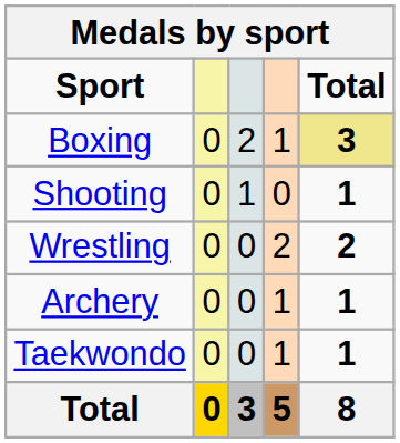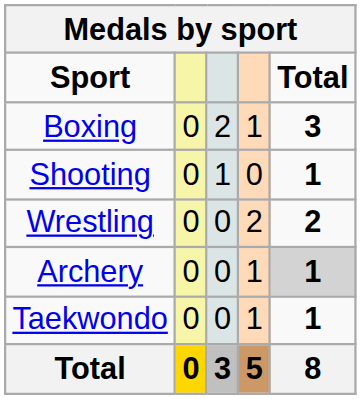 <table class="wikitable" style="font-size:85%">
 <tr style="background:#efefef;">
 <th colspan=7><strong>Medals by sport</strong></th>
 </tr>
 <tr align=center>
 <td><strong>Sport</strong></td>
 <td bgcolor=#f7f6a8></td>
 <td bgcolor=#dce5e5></td>
 <td bgcolor=#ffdab9></td>
 <td><strong>Total</strong></td>
 </tr>
 <tr align=center>
 <td><a href='#'>Boxing</a></td>
 <td style="background:#F7F6A8;">0</td>
 <td style="background:#DCE5E5;">2</td>
 <td style="background:#FFDAB9;">1</td>
-<td style="background: khaki;"><strong>3</strong></td>
+<td><strong>3</strong></td>
 </tr>
 <tr align=center>
 <td><a href='#'>Shooting</a></td>
 <td style="background:#F7F6A8;">0</td>
 <td style="background:#DCE5E5;">1</td>
 <td style="background:#FFDAB9;">0</td>
 <td><strong>1</strong></td>
 </tr>
 <tr align=center>
 <td><a href='#'>Wrestling</a></td>
 <td style="background:#F7F6A8;">0</td>
 <td style="background:#DCE5E5;">0</td>
 <td style="background:#FFDAB9;">2</td>
 <td><strong>2</strong></td>
 </tr>
 <tr align=center>
 <td><a href='#'>Archery</a></td>
 <td style="background:#F7F6A8;">0</td>
 <td style="background:#DCE5E5;">0</td>
 <td style="background:#FFDAB9;">1</td>
-<td><strong>1</strong></td>
+<td style="background: lightgrey;"><strong>1</strong></td>
 </tr>
 <tr align=center>
 <td><a href='#'>Taekwondo</a></td>
 <td style="background:#F7F6A8;">0</td>
 <td style="background:#DCE5E5;">0</td>
 <td style="background:#FFDAB9;">1</td>
 <td><strong>1</strong></td>
 </tr>
 <tr align=center>
 <th><strong>Total</strong></th>
 <th style="background:gold;"><strong>0</strong></th>
 <th style="background:silver;"><strong>3</strong></th>
 <th style="background:#c96;"><strong>5</strong></th>
 <th><strong>8</strong></th>
 </tr>
 </table>
